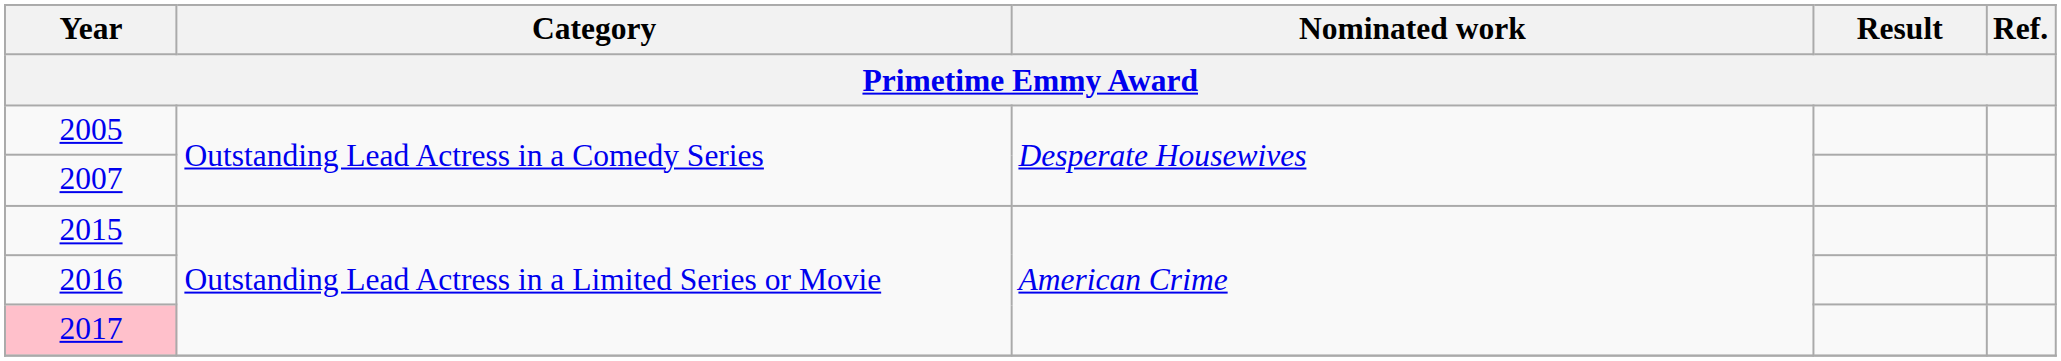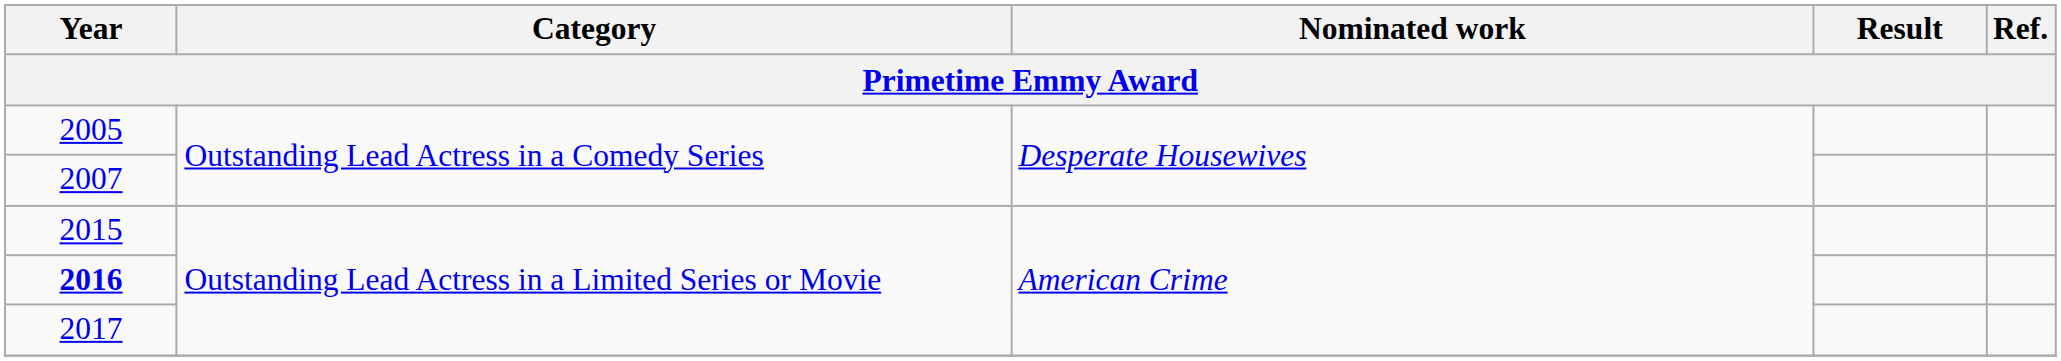 <table class=wikitable>
 <tr>
 <th scope="col" style="width:5em;">Year</th>
 <th scope="col" style="width:26em;">Category</th>
 <th scope="col" style="width:25em;">Nominated work</th>
 <th scope="col" style="width:5em;">Result</th>
 <th>Ref.</th>
 </tr>
 <tr>
 <th colspan=5><a href='#'>Primetime Emmy Award</a></th>
 </tr>
 <tr>
 <td style="text-align:center;"><a href='#'>2005</a></td>
 <td rowspan=2><a href='#'>Outstanding Lead Actress in a Comedy Series</a></td>
 <td rowspan=2><em><a href='#'>Desperate Housewives</a></em></td>
 <td></td>
 <td></td>
 </tr>
 <tr>
 <td style="text-align:center;"><a href='#'>2007</a></td>
 <td></td>
 <td></td>
 </tr>
 <tr>
 <td style="text-align:center;"><a href='#'>2015</a></td>
 <td rowspan=3><a href='#'>Outstanding Lead Actress in a Limited Series or Movie</a></td>
 <td rowspan=3><em><a href='#'>American Crime</a></em></td>
 <td></td>
 <td></td>
 </tr>
 <tr>
-<td style="text-align:center;"><a href='#'>2016</a></td>
+<td style="text-align:center;"><strong><a href='#'>2016</a></strong></td>
 <td></td>
 <td></td>
 </tr>
 <tr>
-<td style="background: pink; text-align:center;"><a href='#'>2017</a></td>
+<td style="text-align:center;"><a href='#'>2017</a></td>
 <td></td>
 <td></td>
 </tr>
 <tr>
 </tr>
 </table>
